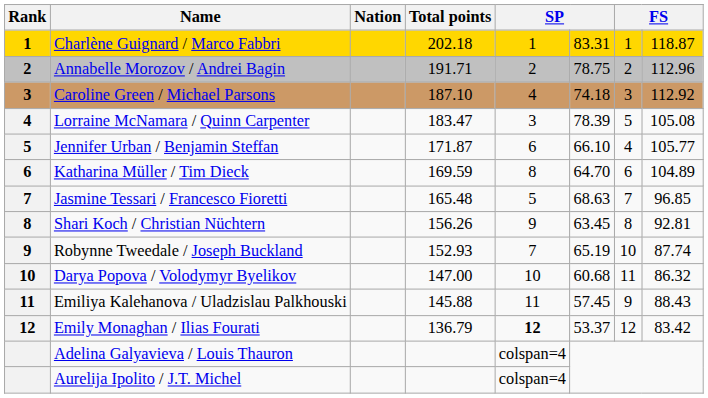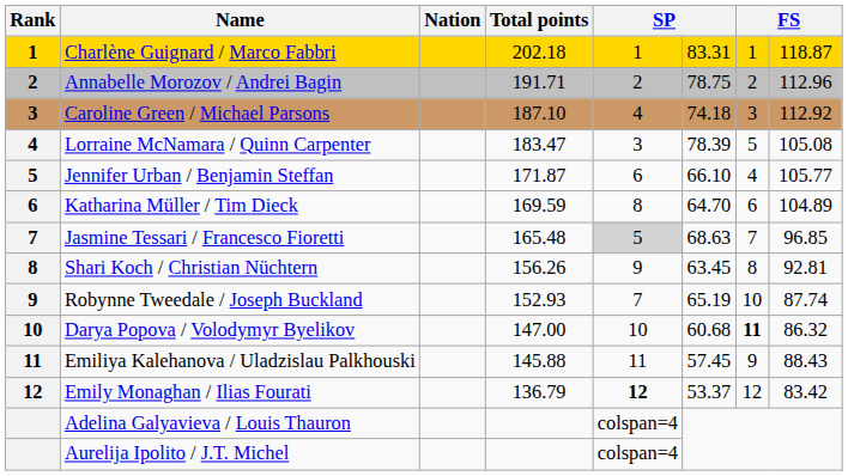 <table class="wikitable sortable">
 <tr>
 <th>Rank</th>
 <th>Name</th>
 <th>Nation</th>
 <th>Total points</th>
 <th colspan="2" width="80px"><a href='#'>SP</a></th>
 <th colspan="2" width="80px"><a href='#'>FS</a></th>
 </tr>
 <tr bgcolor="gold">
 <td align="center"><strong>1</strong></td>
 <td><a href='#'>Charlène Guignard</a> / <a href='#'>Marco Fabbri</a></td>
 <td></td>
 <td align="center">202.18</td>
 <td align="center">1</td>
 <td align="center">83.31</td>
 <td align="center">1</td>
 <td align="center">118.87</td>
 </tr>
 <tr bgcolor="silver">
 <td align="center"><strong>2</strong></td>
 <td><a href='#'>Annabelle Morozov</a> / <a href='#'>Andrei Bagin</a></td>
 <td></td>
 <td align="center">191.71</td>
 <td align="center">2</td>
 <td align="center">78.75</td>
 <td align="center">2</td>
 <td align="center">112.96</td>
 </tr>
 <tr bgcolor="cc9966">
 <td align="center"><strong>3</strong></td>
 <td><a href='#'>Caroline Green</a> / <a href='#'>Michael Parsons</a></td>
 <td></td>
 <td align="center">187.10</td>
 <td align="center">4</td>
 <td align="center">74.18</td>
 <td align="center">3</td>
 <td align="center">112.92</td>
 </tr>
 <tr>
 <th>4</th>
 <td><a href='#'>Lorraine McNamara</a> / <a href='#'>Quinn Carpenter</a></td>
 <td></td>
 <td align="center">183.47</td>
 <td align="center">3</td>
 <td align="center">78.39</td>
 <td align="center">5</td>
 <td align="center">105.08</td>
 </tr>
 <tr>
 <th>5</th>
 <td><a href='#'>Jennifer Urban</a> / <a href='#'>Benjamin Steffan</a></td>
 <td></td>
 <td align="center">171.87</td>
 <td align="center">6</td>
 <td align="center">66.10</td>
 <td align="center">4</td>
 <td align="center">105.77</td>
 </tr>
 <tr>
 <th>6</th>
 <td><a href='#'>Katharina Müller</a> / <a href='#'>Tim Dieck</a></td>
 <td></td>
 <td align="center">169.59</td>
 <td align="center">8</td>
 <td align="center">64.70</td>
 <td align="center">6</td>
 <td align="center">104.89</td>
 </tr>
 <tr>
 <th>7</th>
 <td><a href='#'>Jasmine Tessari</a> / <a href='#'>Francesco Fioretti</a></td>
 <td></td>
 <td align="center">165.48</td>
-<td align="center">5</td>
+<td align="center" style="background: lightgrey;">5</td>
 <td align="center">68.63</td>
 <td align="center">7</td>
 <td align="center">96.85</td>
 </tr>
 <tr>
 <th>8</th>
 <td><a href='#'>Shari Koch</a> / <a href='#'>Christian Nüchtern</a></td>
 <td></td>
 <td align="center">156.26</td>
 <td align="center">9</td>
 <td align="center">63.45</td>
 <td align="center">8</td>
 <td align="center">92.81</td>
 </tr>
 <tr>
 <th>9</th>
 <td>Robynne Tweedale / <a href='#'>Joseph Buckland</a></td>
 <td></td>
 <td align="center">152.93</td>
 <td align="center">7</td>
 <td align="center">65.19</td>
 <td align="center">10</td>
 <td align="center">87.74</td>
 </tr>
 <tr>
 <th>10</th>
 <td><a href='#'>Darya Popova</a> / <a href='#'>Volodymyr Byelikov</a></td>
 <td></td>
 <td align="center">147.00</td>
 <td align="center">10</td>
 <td align="center">60.68</td>
-<td align="center">11</td>
+<td align="center"><strong>11</strong></td>
 <td align="center">86.32</td>
 </tr>
 <tr>
 <th>11</th>
 <td>Emiliya Kalehanova / Uladzislau Palkhouski</td>
 <td></td>
 <td align="center">145.88</td>
 <td align="center">11</td>
 <td align="center">57.45</td>
 <td align="center">9</td>
 <td align="center">88.43</td>
 </tr>
 <tr>
 <th>12</th>
 <td><a href='#'>Emily Monaghan</a> / <a href='#'>Ilias Fourati</a></td>
 <td></td>
 <td align="center">136.79</td>
 <td align="center"><strong>12</strong></td>
 <td align="center">53.37</td>
 <td align="center">12</td>
 <td align="center">83.42</td>
 </tr>
 <tr>
 <th></th>
 <td><a href='#'>Adelina Galyavieva</a> / <a href='#'>Louis Thauron</a></td>
 <td></td>
 <td></td>
 <td>colspan=4 </td>
 </tr>
 <tr>
 <th></th>
 <td><a href='#'>Aurelija Ipolito</a> / <a href='#'>J.T. Michel</a></td>
 <td></td>
 <td></td>
 <td>colspan=4 </td>
 </tr>
 </table>
